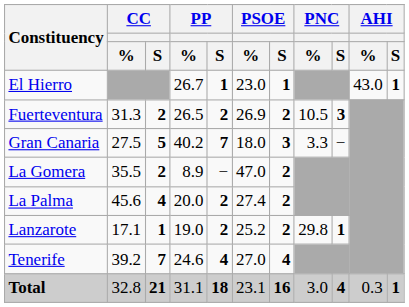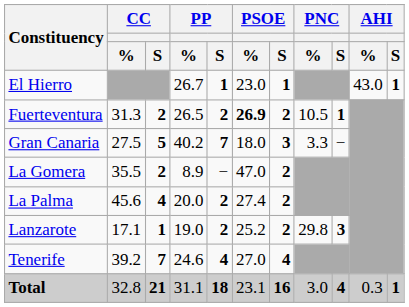 <table class="wikitable sortable" style="text-align:right; line-height:20px;">
 <tr>
 <th rowspan="3">Constituency</th>
 <th colspan="2" width="30px" class="unsortable"><a href='#'>CC</a></th>
 <th colspan="2" width="30px" class="unsortable"><a href='#'>PP</a></th>
 <th colspan="2" width="30px" class="unsortable"><a href='#'>PSOE</a></th>
 <th colspan="2" width="30px" class="unsortable"><a href='#'>PNC</a></th>
 <th colspan="2" width="30px" class="unsortable"><a href='#'>AHI</a></th>
 </tr>
 <tr>
 <th colspan="2" style="background:"></th>
 <th colspan="2" style="background:"></th>
 <th colspan="2" style="background:"></th>
 <th colspan="2" style="background:"></th>
 <th colspan="2" style="background:"></th>
 </tr>
 <tr>
 <th data-sort-type="number">%</th>
 <th data-sort-type="number">S</th>
 <th data-sort-type="number">%</th>
 <th data-sort-type="number">S</th>
 <th data-sort-type="number">%</th>
 <th data-sort-type="number">S</th>
 <th data-sort-type="number">%</th>
 <th data-sort-type="number">S</th>
 <th data-sort-type="number">%</th>
 <th data-sort-type="number">S</th>
 </tr>
 <tr>
 <td align="left"><a href='#'>El Hierro</a></td>
 <td colspan="2" bgcolor="#AAAAAA"></td>
 <td>26.7</td>
 <td><strong>1</strong></td>
 <td>23.0</td>
 <td><strong>1</strong></td>
 <td colspan="2" bgcolor="#AAAAAA"></td>
 <td style="background:">43.0</td>
 <td><strong>1</strong></td>
 </tr>
 <tr>
 <td align="left"><a href='#'>Fuerteventura</a></td>
 <td style="background:">31.3</td>
 <td><strong>2</strong></td>
 <td>26.5</td>
 <td><strong>2</strong></td>
-<td>26.9</td>
+<td><strong>26.9</strong></td>
 <td><strong>2</strong></td>
 <td>10.5</td>
-<td><strong>3</strong></td>
+<td><strong>1</strong></td>
 <td colspan="2" rowspan="6" bgcolor="#AAAAAA"></td>
 </tr>
 <tr>
 <td align="left"><a href='#'>Gran Canaria</a></td>
 <td>27.5</td>
 <td><strong>5</strong></td>
 <td style="background:">40.2</td>
 <td><strong>7</strong></td>
 <td>18.0</td>
 <td><strong>3</strong></td>
 <td>3.3</td>
 <td>−</td>
 </tr>
 <tr>
 <td align="left"><a href='#'>La Gomera</a></td>
 <td>35.5</td>
 <td><strong>2</strong></td>
 <td>8.9</td>
 <td>−</td>
 <td style="background:">47.0</td>
 <td><strong>2</strong></td>
 <td colspan="2" rowspan="2" bgcolor="#AAAAAA"></td>
 </tr>
 <tr>
 <td align="left"><a href='#'>La Palma</a></td>
 <td style="background:">45.6</td>
 <td><strong>4</strong></td>
 <td>20.0</td>
 <td><strong>2</strong></td>
 <td>27.4</td>
 <td><strong>2</strong></td>
 </tr>
 <tr>
 <td align="left"><a href='#'>Lanzarote</a></td>
 <td>17.1</td>
 <td><strong>1</strong></td>
 <td>19.0</td>
 <td><strong>2</strong></td>
 <td>25.2</td>
 <td><strong>2</strong></td>
 <td style="background:">29.8</td>
-<td><strong>1</strong></td>
+<td><strong>3</strong></td>
 </tr>
 <tr>
 <td align="left"><a href='#'>Tenerife</a></td>
 <td style="background:">39.2</td>
 <td><strong>7</strong></td>
 <td>24.6</td>
 <td><strong>4</strong></td>
 <td>27.0</td>
 <td><strong>4</strong></td>
 <td colspan="2" bgcolor="#AAAAAA"></td>
 </tr>
 <tr style="background:#CDCDCD;">
 <td align="left"><strong>Total</strong></td>
 <td style="background:">32.8</td>
 <td><strong>21</strong></td>
 <td>31.1</td>
 <td><strong>18</strong></td>
 <td>23.1</td>
 <td><strong>16</strong></td>
 <td>3.0</td>
 <td><strong>4</strong></td>
 <td>0.3</td>
 <td><strong>1</strong></td>
 </tr>
 </table>
